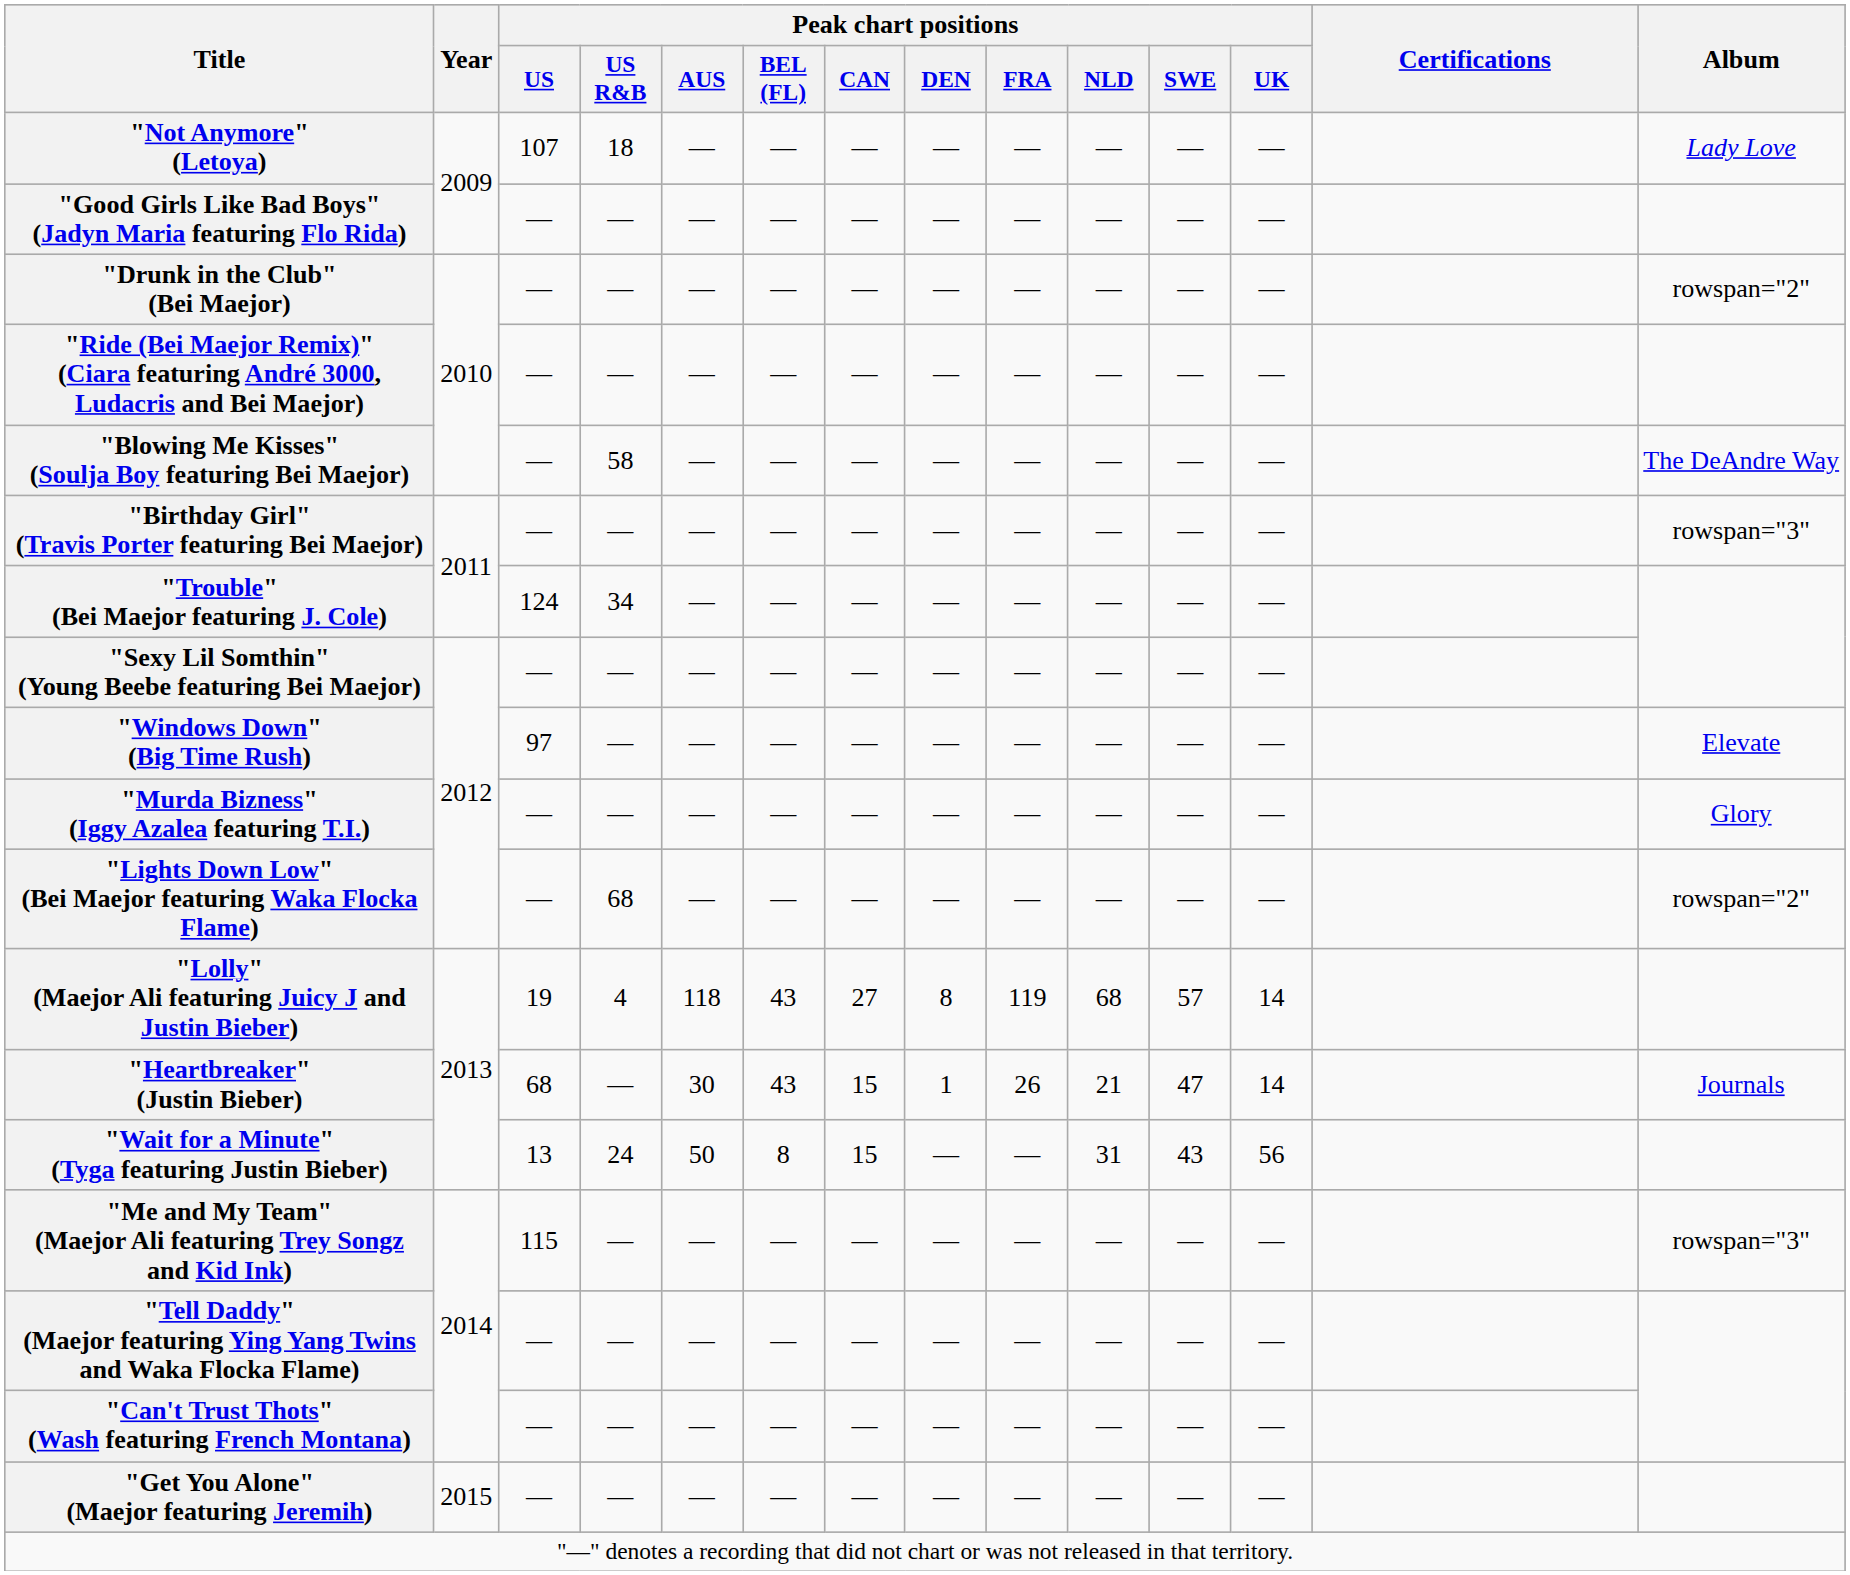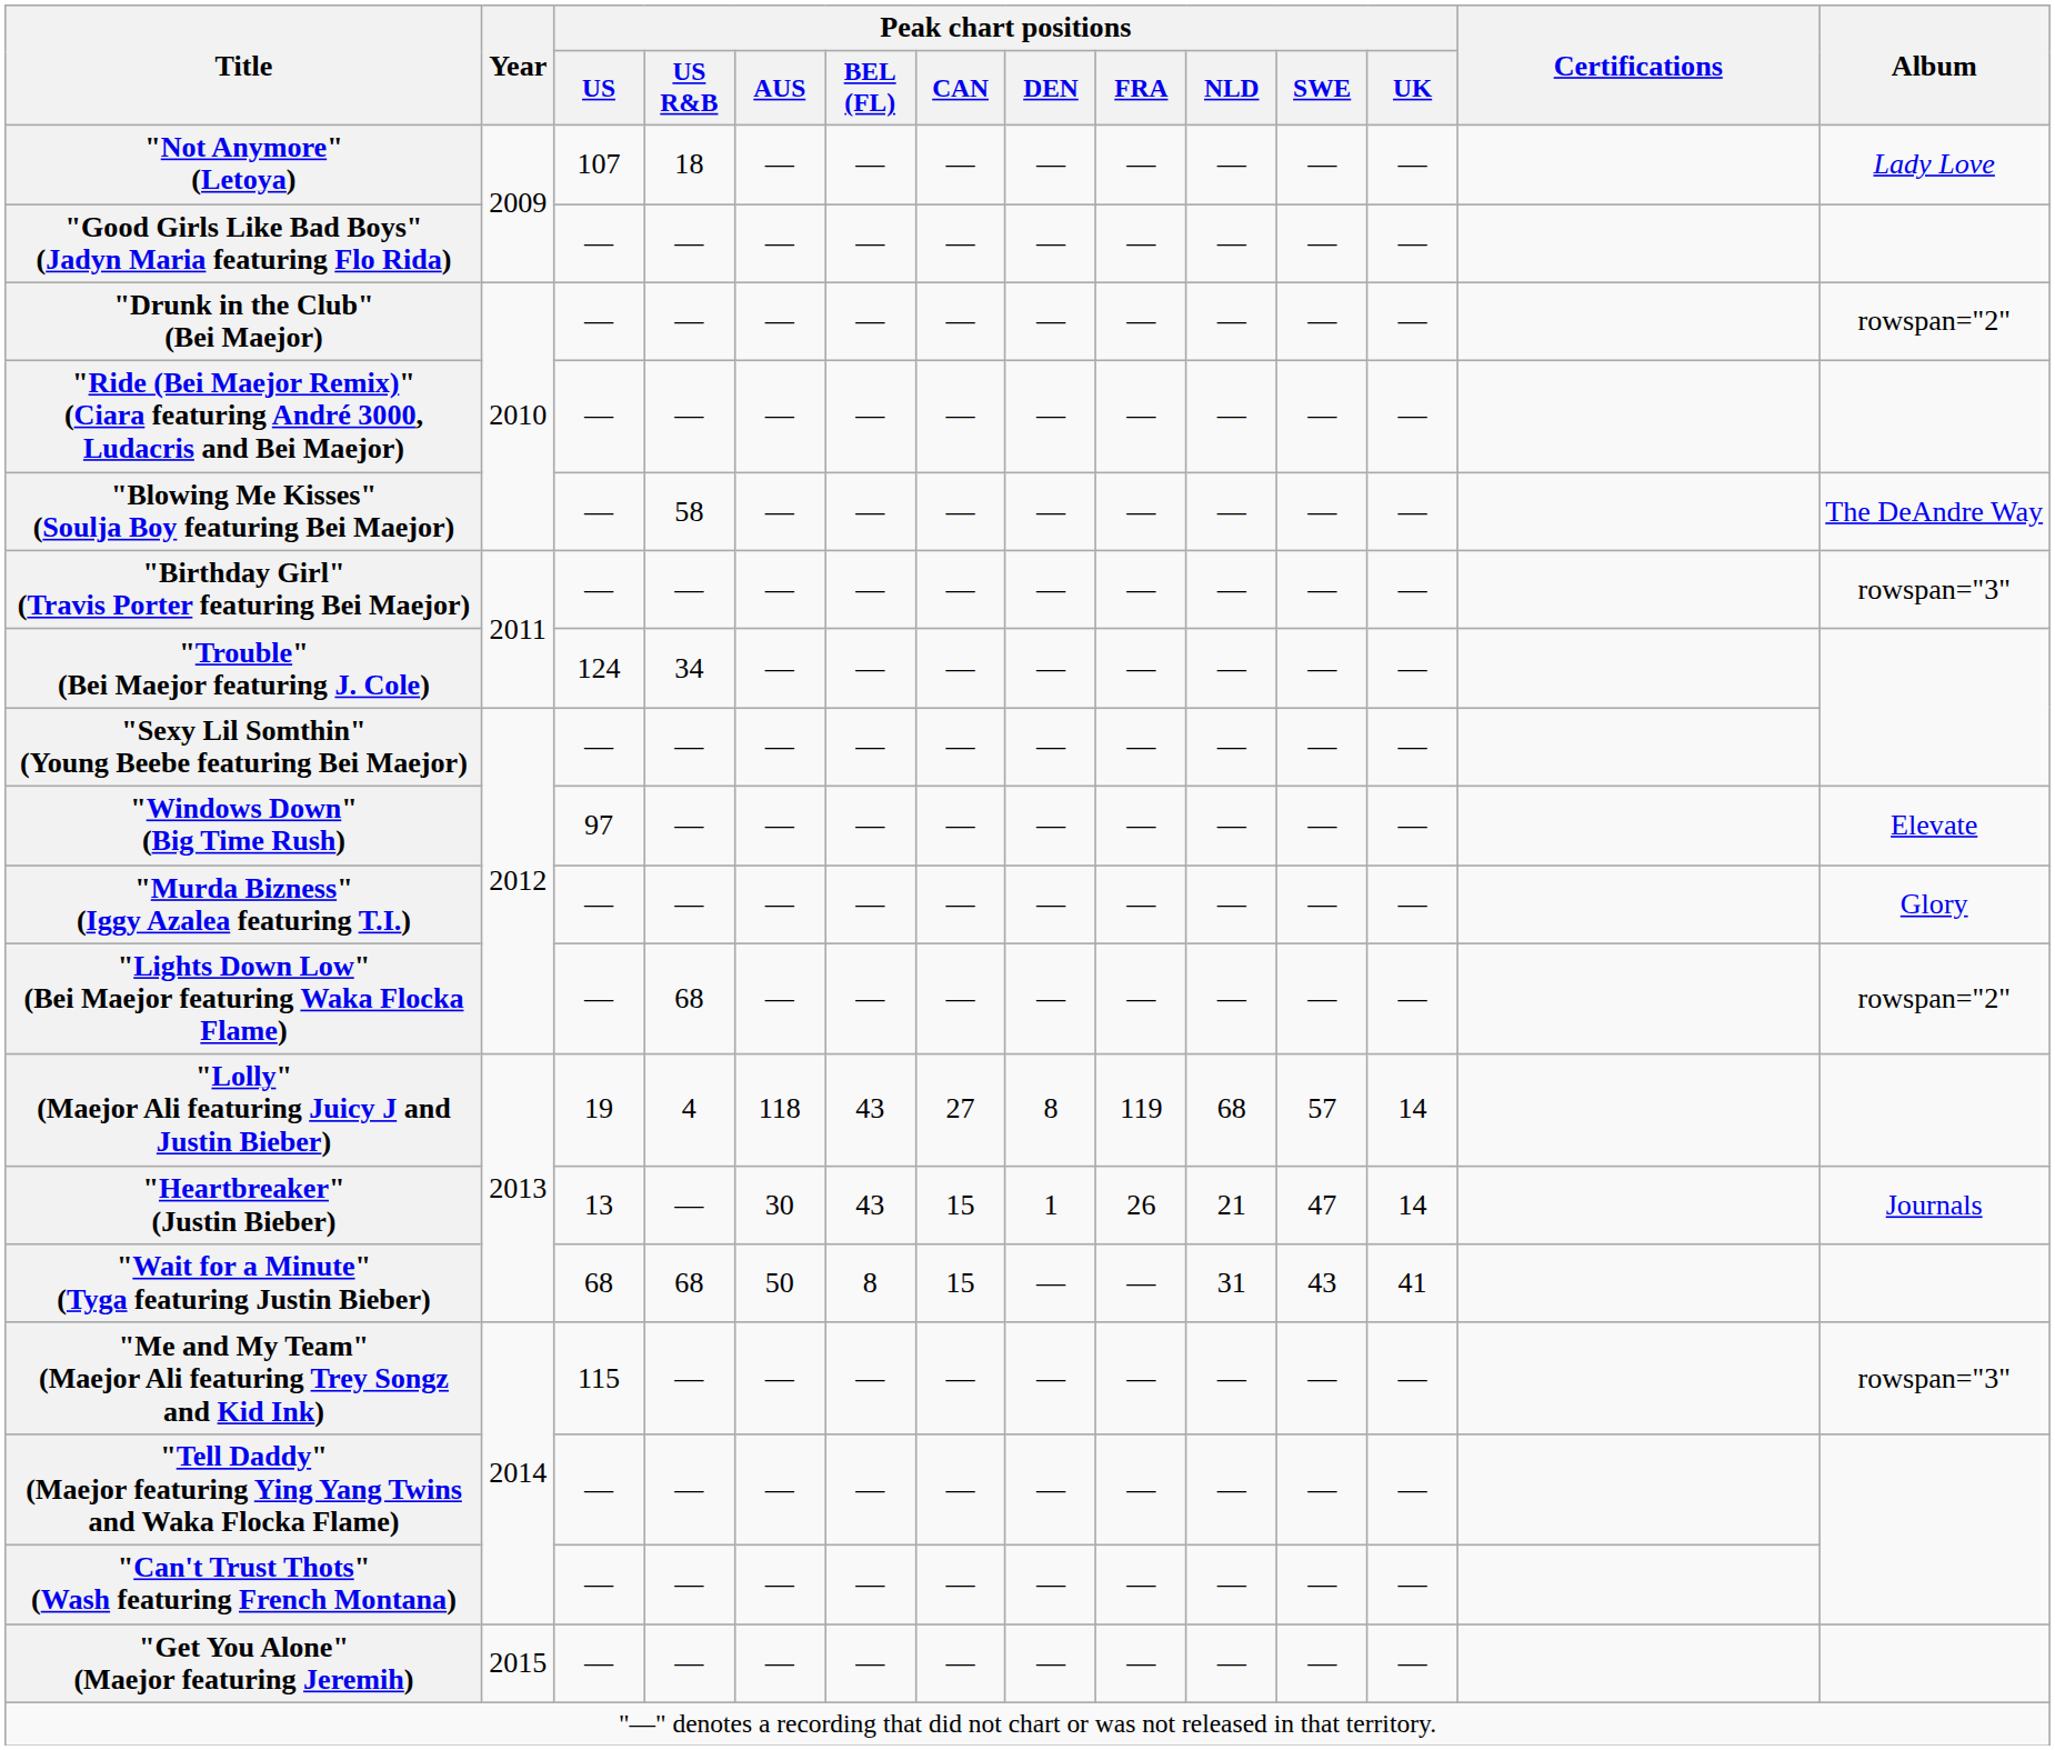 <table class="wikitable plainrowheaders" style="text-align:center;" border="1">
 <tr>
 <th scope="col" rowspan="2" style="width:16em;">Title</th>
 <th scope="col" rowspan="2">Year</th>
 <th scope="col" colspan="10">Peak chart positions</th>
 <th scope="col" rowspan="2" style="width:12em;"><a href='#'>Certifications</a></th>
 <th scope="col" rowspan="2">Album</th>
 </tr>
 <tr>
 <th scope="col" style="width:3em;font-size:90%;"><a href='#'>US</a></th>
 <th scope="col" style="width:3em;font-size:90%;"><a href='#'>US<br>R&B</a></th>
 <th scope="col" style="width:3em;font-size:90%;"><a href='#'>AUS</a></th>
 <th scope="col" style="width:3em;font-size:90%;"><a href='#'>BEL<br>(FL)</a></th>
 <th scope="col" style="width:3em;font-size:90%;"><a href='#'>CAN</a></th>
 <th scope="col" style="width:3em;font-size:90%;"><a href='#'>DEN</a></th>
 <th scope="col" style="width:3em;font-size:90%;"><a href='#'>FRA</a></th>
 <th scope="col" style="width:3em;font-size:90%;"><a href='#'>NLD</a></th>
 <th scope="col" style="width:3em;font-size:90%;"><a href='#'>SWE</a></th>
 <th scope="col" style="width:3em;font-size:90%;"><a href='#'>UK</a></th>
 </tr>
 <tr>
 <th scope="row">"<a href='#'>Not Anymore</a>"<br><span>(<a href='#'>Letoya</a>)</span></th>
 <td rowspan="2">2009</td>
 <td>107</td>
 <td>18</td>
 <td>—</td>
 <td>—</td>
 <td>—</td>
 <td>—</td>
 <td>—</td>
 <td>—</td>
 <td>—</td>
 <td>—</td>
 <td></td>
 <td><em><a href='#'>Lady Love</a></em></td>
 </tr>
 <tr>
 <th scope="row">"Good Girls Like Bad Boys"<br><span>(<a href='#'>Jadyn Maria</a> featuring <a href='#'>Flo Rida</a>)</span></th>
 <td>—</td>
 <td>—</td>
 <td>—</td>
 <td>—</td>
 <td>—</td>
 <td>—</td>
 <td>—</td>
 <td>—</td>
 <td>—</td>
 <td>—</td>
 <td></td>
 <td><em></td>
 </tr>
 <tr>
 <th scope="row">"Drunk in the Club"<br><span>(Bei Maejor)</span></th>
 <td rowspan="3">2010</td>
 <td>—</td>
 <td>—</td>
 <td>—</td>
 <td>—</td>
 <td>—</td>
 <td>—</td>
 <td>—</td>
 <td>—</td>
 <td>—</td>
 <td>—</td>
 <td></td>
 <td>rowspan="2" </td>
 </tr>
 <tr>
 <th scope="row">"<a href='#'>Ride (Bei Maejor Remix)</a>"<br><span>(<a href='#'>Ciara</a> featuring <a href='#'>André 3000</a>, <a href='#'>Ludacris</a> and Bei Maejor)</span></th>
 <td>—</td>
 <td>—</td>
 <td>—</td>
 <td>—</td>
 <td>—</td>
 <td>—</td>
 <td>—</td>
 <td>—</td>
 <td>—</td>
 <td>—</td>
 <td></td>
 </tr>
 <tr>
 <th scope="row">"Blowing Me Kisses"<br><span>(<a href='#'>Soulja Boy</a> featuring Bei Maejor)</span></th>
 <td>—</td>
 <td>58</td>
 <td>—</td>
 <td>—</td>
 <td>—</td>
 <td>—</td>
 <td>—</td>
 <td>—</td>
 <td>—</td>
 <td>—</td>
 <td></td>
 <td></em><a href='#'>The DeAndre Way</a><em></td>
 </tr>
 <tr>
 <th scope="row">"Birthday Girl"<br><span>(<a href='#'>Travis Porter</a> featuring Bei Maejor)</span></th>
 <td rowspan="2">2011</td>
 <td>—</td>
 <td>—</td>
 <td>—</td>
 <td>—</td>
 <td>—</td>
 <td>—</td>
 <td>—</td>
 <td>—</td>
 <td>—</td>
 <td>—</td>
 <td></td>
 <td>rowspan="3" </td>
 </tr>
 <tr>
 <th scope="row">"<a href='#'>Trouble</a>"<br><span>(Bei Maejor featuring <a href='#'>J. Cole</a>)</span></th>
 <td>124</td>
 <td>34</td>
 <td>—</td>
 <td>—</td>
 <td>—</td>
 <td>—</td>
 <td>—</td>
 <td>—</td>
 <td>—</td>
 <td>—</td>
 <td></td>
 </tr>
 <tr>
 <th scope="row">"Sexy Lil Somthin"<br><span>(Young Beebe featuring Bei Maejor)</span></th>
 <td rowspan="4">2012</td>
 <td>—</td>
 <td>—</td>
 <td>—</td>
 <td>—</td>
 <td>—</td>
 <td>—</td>
 <td>—</td>
 <td>—</td>
 <td>—</td>
 <td>—</td>
 <td></td>
 </tr>
 <tr>
 <th scope="row">"<a href='#'>Windows Down</a>" <br><span>(<a href='#'>Big Time Rush</a>)</span></th>
 <td>97</td>
 <td>—</td>
 <td>—</td>
 <td>—</td>
 <td>—</td>
 <td>—</td>
 <td>—</td>
 <td>—</td>
 <td>—</td>
 <td>—</td>
 <td></td>
 <td></em><a href='#'>Elevate</a><em></td>
 </tr>
 <tr>
 <th scope="row">"<a href='#'>Murda Bizness</a>"<br><span>(<a href='#'>Iggy Azalea</a> featuring <a href='#'>T.I.</a>)</span></th>
 <td>—</td>
 <td>—</td>
 <td>—</td>
 <td>—</td>
 <td>—</td>
 <td>—</td>
 <td>—</td>
 <td>—</td>
 <td>—</td>
 <td>—</td>
 <td></td>
 <td></em><a href='#'>Glory</a><em></td>
 </tr>
 <tr>
 <th scope="row">"<a href='#'>Lights Down Low</a>"<br><span>(Bei Maejor featuring <a href='#'>Waka Flocka Flame</a>)</span></th>
 <td>—</td>
 <td>68</td>
 <td>—</td>
 <td>—</td>
 <td>—</td>
 <td>—</td>
 <td>—</td>
 <td>—</td>
 <td>—</td>
 <td>—</td>
 <td></td>
 <td>rowspan="2" </td>
 </tr>
 <tr>
 <th scope="row">"<a href='#'>Lolly</a>"<br><span>(Maejor Ali featuring <a href='#'>Juicy J</a> and <a href='#'>Justin Bieber</a>)</span></th>
 <td rowspan="3">2013</td>
 <td>19</td>
 <td>4</td>
 <td>118</td>
 <td>43</td>
 <td>27</td>
 <td>8</td>
 <td>119</td>
 <td>68</td>
 <td>57</td>
 <td>14</td>
 <td></td>
 </tr>
 <tr>
 <th scope="row">"<a href='#'>Heartbreaker</a>"<br><span>(Justin Bieber)</span></th>
-<td>68</td>
+<td>13</td>
 <td>—</td>
 <td>30</td>
 <td>43</td>
 <td>15</td>
 <td>1</td>
 <td>26</td>
 <td>21</td>
 <td>47</td>
 <td>14</td>
 <td></td>
 <td></em><a href='#'>Journals</a><em></td>
 </tr>
 <tr>
 <th scope="row">"<a href='#'>Wait for a Minute</a>"<br><span>(<a href='#'>Tyga</a> featuring Justin Bieber)</span></th>
-<td>13</td>
-<td>24</td>
+<td>68</td>
+<td>68</td>
 <td>50</td>
 <td>8</td>
 <td>15</td>
 <td>—</td>
 <td>—</td>
 <td>31</td>
 <td>43</td>
-<td>56</td>
+<td>41</td>
 <td></td>
 <td></td>
 </tr>
 <tr>
 <th scope="row">"Me and My Team"<br><span>(Maejor Ali featuring <a href='#'>Trey Songz</a> and <a href='#'>Kid Ink</a>)</span></th>
 <td rowspan="3">2014</td>
 <td>115</td>
 <td>—</td>
 <td>—</td>
 <td>—</td>
 <td>—</td>
 <td>—</td>
 <td>—</td>
 <td>—</td>
 <td>—</td>
 <td>—</td>
 <td></td>
 <td>rowspan="3" </td>
 </tr>
 <tr>
 <th scope="row">"<a href='#'>Tell Daddy</a>"<br><span>(Maejor featuring <a href='#'>Ying Yang Twins</a> and Waka Flocka Flame)</span></th>
 <td>—</td>
 <td>—</td>
 <td>—</td>
 <td>—</td>
 <td>—</td>
 <td>—</td>
 <td>—</td>
 <td>—</td>
 <td>—</td>
 <td>—</td>
 <td></td>
 </tr>
 <tr>
 <th scope="row">"<a href='#'>Can't Trust Thots</a>" <br><span>(<a href='#'>Wash</a> featuring <a href='#'>French Montana</a>)</span></th>
 <td>—</td>
 <td>—</td>
 <td>—</td>
 <td>—</td>
 <td>—</td>
 <td>—</td>
 <td>—</td>
 <td>—</td>
 <td>—</td>
 <td>—</td>
 <td></td>
 </tr>
 <tr>
 <th scope="row">"Get You Alone"<br><span>(Maejor featuring <a href='#'>Jeremih</a>)</span></th>
 <td>2015</td>
 <td>—</td>
 <td>—</td>
 <td>—</td>
 <td>—</td>
 <td>—</td>
 <td>—</td>
 <td>—</td>
 <td>—</td>
 <td>—</td>
 <td>—</td>
 <td></td>
 <td></td>
 </tr>
 <tr>
 <td colspan="14" style="font-size:90%">"—" denotes a recording that did not chart or was not released in that territory.</td>
 </tr>
 </table>
